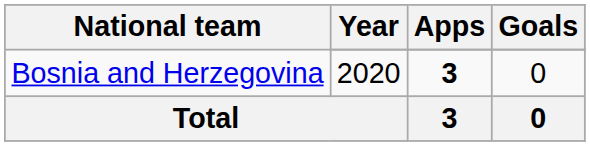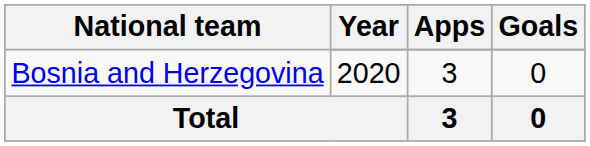 <table class="wikitable" style="text-align:center">
 <tr>
 <th>National team</th>
 <th>Year</th>
 <th>Apps</th>
 <th>Goals</th>
 </tr>
 <tr>
 <td rowspan=2><a href='#'>Bosnia and Herzegovina</a></td>
 </tr>
 <tr>
 <td>2020</td>
-<td><strong>3</strong></td>
+<td>3</td>
 <td>0</td>
 </tr>
 <tr>
 <th colspan=2>Total</th>
 <th>3</th>
 <th>0</th>
 </tr>
 </table>
